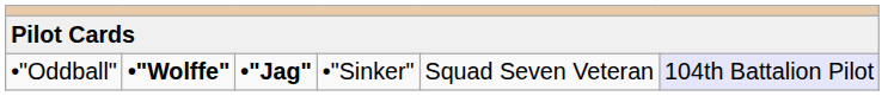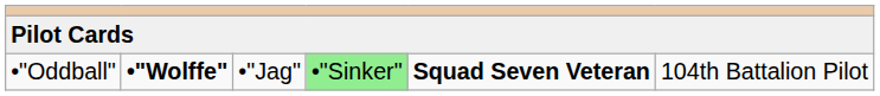 <table class="wikitable sortable">
 <tr style="background:#EACAA8;">
 <td colspan="8"></td>
 </tr>
 <tr style="background:#f0f0f0;">
 <td colspan="7"><strong>Pilot Cards</strong></td>
 </tr>
 <tr>
 <td>•"Oddball"</td>
 <td><strong>•"Wolffe"</strong></td>
-<td><strong>•"Jag"</strong></td>
-<td>•"Sinker"</td>
-<td>Squad Seven Veteran</td>
-<td style="background: lavender;">104th Battalion Pilot</td>
+<td>•"Jag"</td>
+<td style="background: lightgreen;">•"Sinker"</td>
+<td><strong>Squad Seven Veteran</strong></td>
+<td>104th Battalion Pilot</td>
 </tr>
 </table>
